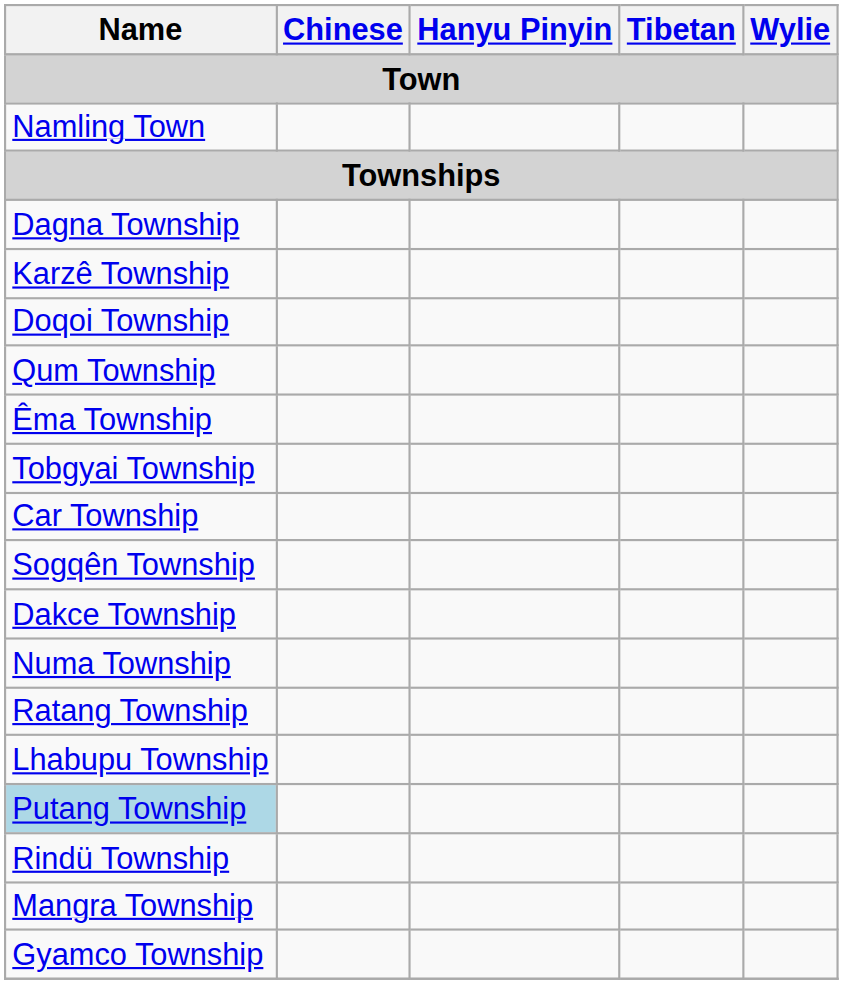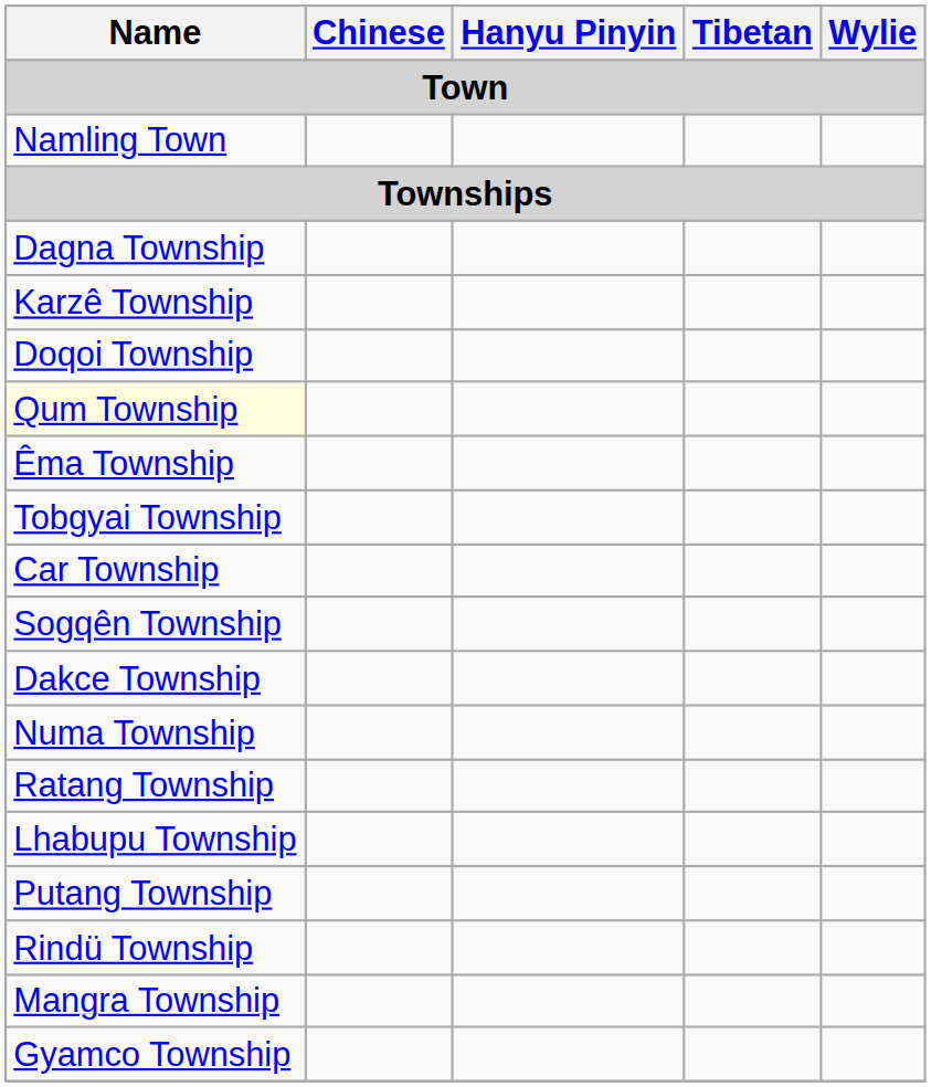 <table class="wikitable"  style="font-size:90%;" align=center>
 <tr>
 <th>Name</th>
 <th><a href='#'>Chinese</a></th>
 <th><a href='#'>Hanyu Pinyin</a></th>
 <th><a href='#'>Tibetan</a></th>
 <th><a href='#'>Wylie</a></th>
 </tr>
 <tr --------->
 <td colspan="7"  style="text-align:center; background:#d3d3d3;"><strong>Town</strong></td>
 </tr>
 <tr --------->
 <td><a href='#'>Namling Town</a></td>
 <td></td>
 <td></td>
 <td></td>
 <td></td>
 </tr>
 <tr --------->
 <td colspan="7"  style="text-align:center; background:#d3d3d3;"><strong>Townships</strong></td>
 </tr>
 <tr --------->
 <td><a href='#'>Dagna Township</a></td>
 <td></td>
 <td></td>
 <td></td>
 <td></td>
 </tr>
 <tr>
 <td><a href='#'>Karzê Township</a></td>
 <td></td>
 <td></td>
 <td></td>
 <td></td>
 </tr>
 <tr>
 <td><a href='#'>Doqoi Township</a></td>
 <td></td>
 <td></td>
 <td></td>
 <td></td>
 </tr>
 <tr>
-<td><a href='#'>Qum Township</a></td>
+<td style="background: lightyellow;"><a href='#'>Qum Township</a></td>
 <td></td>
 <td></td>
 <td></td>
 <td></td>
 </tr>
 <tr>
 <td><a href='#'>Êma Township</a></td>
 <td></td>
 <td></td>
 <td></td>
 <td></td>
 </tr>
 <tr>
 <td><a href='#'>Tobgyai Township</a></td>
 <td></td>
 <td></td>
 <td></td>
 <td></td>
 </tr>
 <tr>
 <td><a href='#'>Car Township</a></td>
 <td></td>
 <td></td>
 <td></td>
 <td></td>
 </tr>
 <tr>
 <td><a href='#'>Sogqên Township</a></td>
 <td></td>
 <td></td>
 <td></td>
 <td></td>
 </tr>
 <tr>
 <td><a href='#'>Dakce Township</a></td>
 <td></td>
 <td></td>
 <td></td>
 <td></td>
 </tr>
 <tr>
 <td><a href='#'>Numa Township</a></td>
 <td></td>
 <td></td>
 <td></td>
 <td></td>
 </tr>
 <tr>
 <td><a href='#'>Ratang Township</a></td>
 <td></td>
 <td></td>
 <td></td>
 <td></td>
 </tr>
 <tr>
 <td><a href='#'>Lhabupu Township</a></td>
 <td></td>
 <td></td>
 <td></td>
 <td></td>
 </tr>
 <tr>
-<td style="background: lightblue;"><a href='#'>Putang Township</a></td>
+<td><a href='#'>Putang Township</a></td>
 <td></td>
 <td></td>
 <td></td>
 <td></td>
 </tr>
 <tr>
 <td><a href='#'>Rindü Township</a></td>
 <td></td>
 <td></td>
 <td></td>
 <td></td>
 </tr>
 <tr>
 <td><a href='#'>Mangra Township</a></td>
 <td></td>
 <td></td>
 <td></td>
 <td></td>
 </tr>
 <tr>
 <td><a href='#'>Gyamco Township</a></td>
 <td></td>
 <td></td>
 <td></td>
 <td></td>
 </tr>
 <tr>
 </tr>
 </table>
